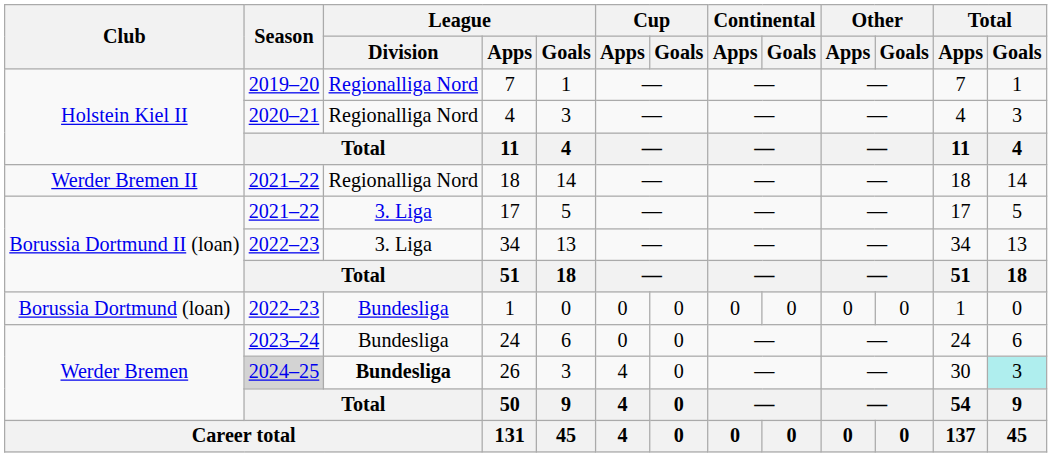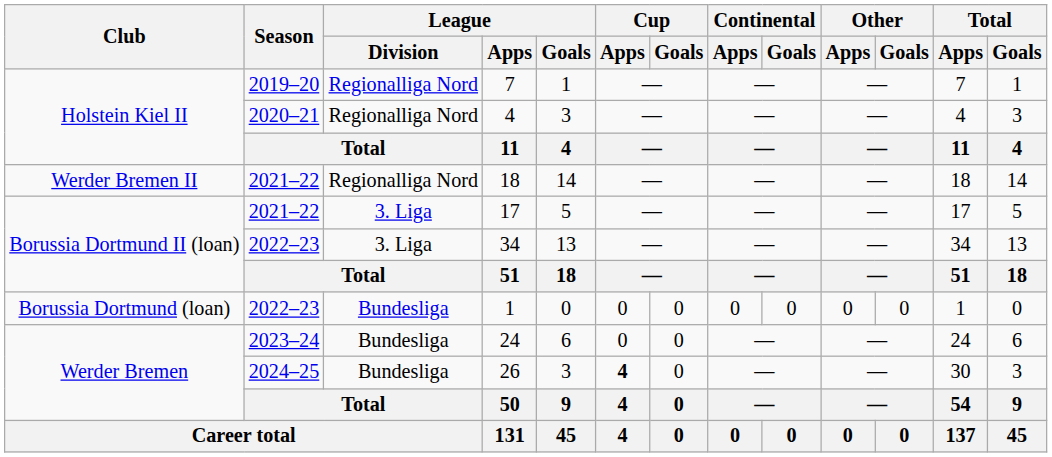 <table class="wikitable" style="text-align: center">
 <tr>
 <th rowspan="2">Club</th>
 <th rowspan="2">Season</th>
 <th colspan="3">League</th>
 <th colspan="2">Cup</th>
 <th colspan="2">Continental</th>
 <th colspan="2">Other</th>
 <th colspan="2">Total</th>
 </tr>
 <tr>
 <th>Division</th>
 <th>Apps</th>
 <th>Goals</th>
 <th>Apps</th>
 <th>Goals</th>
 <th>Apps</th>
 <th>Goals</th>
 <th>Apps</th>
 <th>Goals</th>
 <th>Apps</th>
 <th>Goals</th>
 </tr>
 <tr>
 <td rowspan="3"><a href='#'>Holstein Kiel II</a></td>
 <td><a href='#'>2019–20</a></td>
 <td><a href='#'>Regionalliga Nord</a></td>
 <td>7</td>
 <td>1</td>
 <td colspan="2">—</td>
 <td colspan="2">—</td>
 <td colspan="2">—</td>
 <td>7</td>
 <td>1</td>
 </tr>
 <tr>
 <td><a href='#'>2020–21</a></td>
 <td>Regionalliga Nord</td>
 <td>4</td>
 <td>3</td>
 <td colspan="2">—</td>
 <td colspan="2">—</td>
 <td colspan="2">—</td>
 <td>4</td>
 <td>3</td>
 </tr>
 <tr>
 <th colspan="2">Total</th>
 <th>11</th>
 <th>4</th>
 <th colspan="2">—</th>
 <th colspan="2">—</th>
 <th colspan="2">—</th>
 <th>11</th>
 <th>4</th>
 </tr>
 <tr>
 <td><a href='#'>Werder Bremen II</a></td>
 <td><a href='#'>2021–22</a></td>
 <td>Regionalliga Nord</td>
 <td>18</td>
 <td>14</td>
 <td colspan="2">—</td>
 <td colspan="2">—</td>
 <td colspan="2">—</td>
 <td>18</td>
 <td>14</td>
 </tr>
 <tr>
 <td rowspan="3"><a href='#'>Borussia Dortmund II</a> (loan)</td>
 <td><a href='#'>2021–22</a></td>
 <td><a href='#'>3. Liga</a></td>
 <td>17</td>
 <td>5</td>
 <td colspan="2">—</td>
 <td colspan="2">—</td>
 <td colspan="2">—</td>
 <td>17</td>
 <td>5</td>
 </tr>
 <tr>
 <td><a href='#'>2022–23</a></td>
 <td>3. Liga</td>
 <td>34</td>
 <td>13</td>
 <td colspan="2">—</td>
 <td colspan="2">—</td>
 <td colspan="2">—</td>
 <td>34</td>
 <td>13</td>
 </tr>
 <tr>
 <th colspan="2">Total</th>
 <th>51</th>
 <th>18</th>
 <th colspan="2">—</th>
 <th colspan="2">—</th>
 <th colspan="2">—</th>
 <th>51</th>
 <th>18</th>
 </tr>
 <tr>
 <td><a href='#'>Borussia Dortmund</a> (loan)</td>
 <td><a href='#'>2022–23</a></td>
 <td><a href='#'>Bundesliga</a></td>
 <td>1</td>
 <td>0</td>
 <td>0</td>
 <td>0</td>
 <td>0</td>
 <td>0</td>
 <td>0</td>
 <td>0</td>
 <td>1</td>
 <td>0</td>
 </tr>
 <tr>
 <td rowspan="3"><a href='#'>Werder Bremen</a></td>
 <td><a href='#'>2023–24</a></td>
 <td>Bundesliga</td>
 <td>24</td>
 <td>6</td>
 <td>0</td>
 <td>0</td>
 <td colspan="2">—</td>
 <td colspan="2">—</td>
 <td>24</td>
 <td>6</td>
 </tr>
 <tr>
-<td style="background: lightgrey;"><a href='#'>2024–25</a></td>
-<td><strong>Bundesliga</strong></td>
+<td><a href='#'>2024–25</a></td>
+<td>Bundesliga</td>
 <td>26</td>
 <td>3</td>
-<td>4</td>
+<td><strong>4</strong></td>
 <td>0</td>
 <td colspan="2">—</td>
 <td colspan="2">—</td>
 <td>30</td>
-<td style="background: paleturquoise;">3</td>
+<td>3</td>
 </tr>
 <tr>
 <th colspan="2">Total</th>
 <th>50</th>
 <th>9</th>
 <th>4</th>
 <th>0</th>
 <th colspan="2">—</th>
 <th colspan="2">—</th>
 <th>54</th>
 <th>9</th>
 </tr>
 <tr>
 <th colspan="3">Career total</th>
 <th>131</th>
 <th>45</th>
 <th>4</th>
 <th>0</th>
 <th>0</th>
 <th>0</th>
 <th>0</th>
 <th>0</th>
 <th>137</th>
 <th>45</th>
 </tr>
 </table>
